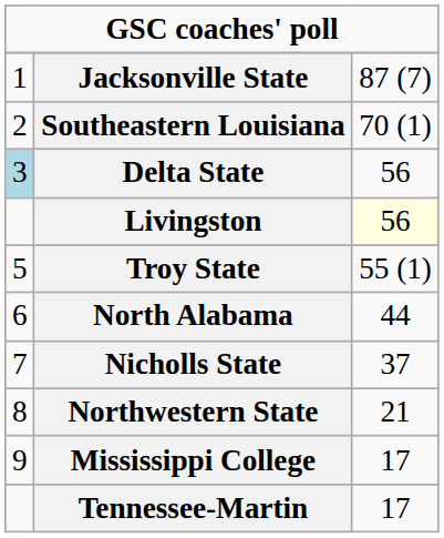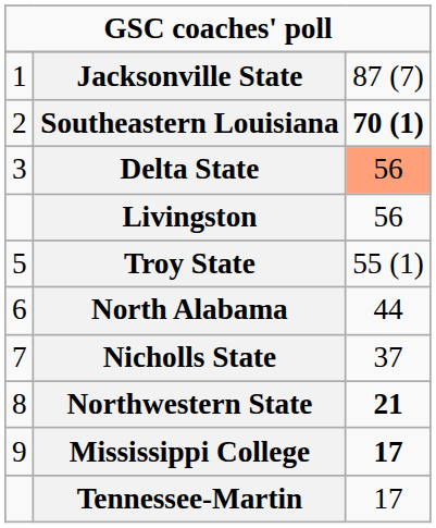 <table class="wikitable" style="display: inline-table;">
 <tr>
 <td align="center" Colspan="3"><strong>GSC coaches' poll</strong></td>
 </tr>
 <tr align="center">
 </tr>
 <tr align="center">
 <td>1</td>
 <th>Jacksonville State</th>
 <td>87 (7)</td>
 </tr>
 <tr align="center">
 <td>2</td>
 <th>Southeastern Louisiana</th>
-<td>70 (1)</td>
+<td><strong>70 (1)</strong></td>
 </tr>
 <tr align="center">
-<td style="background: lightblue;">3</td>
+<td>3</td>
 <th>Delta State</th>
-<td>56</td>
+<td style="background: lightsalmon;">56</td>
 </tr>
 <tr align="center">
 <td></td>
 <th>Livingston</th>
-<td style="background: lightyellow;">56</td>
+<td>56</td>
 </tr>
 <tr align="center">
 <td>5</td>
 <th>Troy State</th>
 <td>55 (1)</td>
 </tr>
 <tr align="center">
 <td>6</td>
 <th><strong>North Alabama</strong></th>
 <td>44</td>
 </tr>
 <tr align="center">
 <td>7</td>
 <th>Nicholls State</th>
 <td>37</td>
 </tr>
 <tr align="center">
 <td>8</td>
 <th>Northwestern State</th>
-<td>21</td>
+<td><strong>21</strong></td>
 </tr>
 <tr align="center">
 <td>9</td>
 <th>Mississippi College</th>
-<td>17</td>
+<td><strong>17</strong></td>
 </tr>
 <tr align="center">
 <td></td>
 <th>Tennessee-Martin</th>
 <td>17</td>
 </tr>
 </table>
